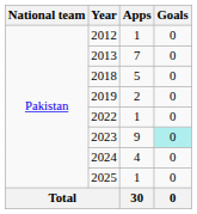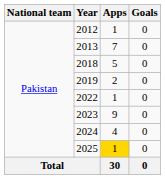 <table class="wikitable" style="text-align:center">
 <tr>
 <th>National team</th>
 <th>Year</th>
 <th>Apps</th>
 <th>Goals</th>
 </tr>
 <tr>
 <td rowspan="8"><a href='#'>Pakistan</a></td>
 <td>2012</td>
 <td>1</td>
 <td>0</td>
 </tr>
 <tr>
 <td>2013</td>
 <td>7</td>
 <td>0</td>
 </tr>
 <tr>
 <td>2018</td>
 <td>5</td>
 <td>0</td>
 </tr>
 <tr>
 <td>2019</td>
 <td>2</td>
 <td>0</td>
 </tr>
 <tr>
 <td>2022</td>
 <td>1</td>
 <td>0</td>
 </tr>
 <tr>
 <td>2023</td>
 <td>9</td>
-<td style="background: paleturquoise;">0</td>
+<td>0</td>
 </tr>
 <tr>
 <td>2024</td>
 <td>4</td>
 <td>0</td>
 </tr>
 <tr>
 <td>2025</td>
-<td>1</td>
+<td style="background: gold;">1</td>
 <td>0</td>
 </tr>
 <tr>
 <th colspan="2">Total</th>
 <th>30</th>
 <th>0</th>
 </tr>
 </table>
